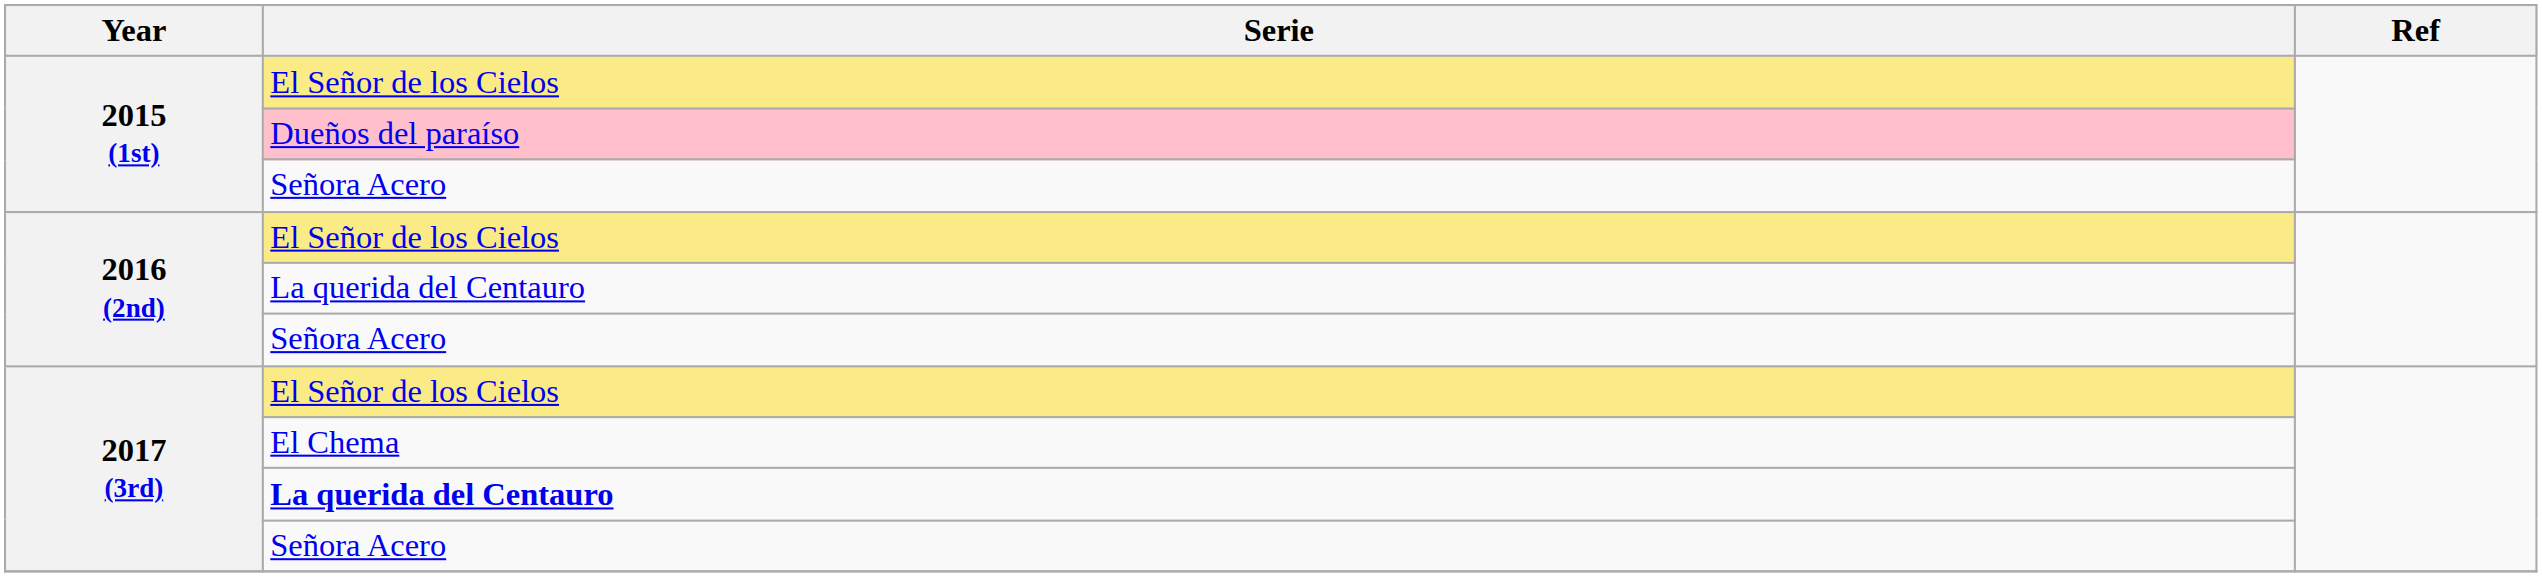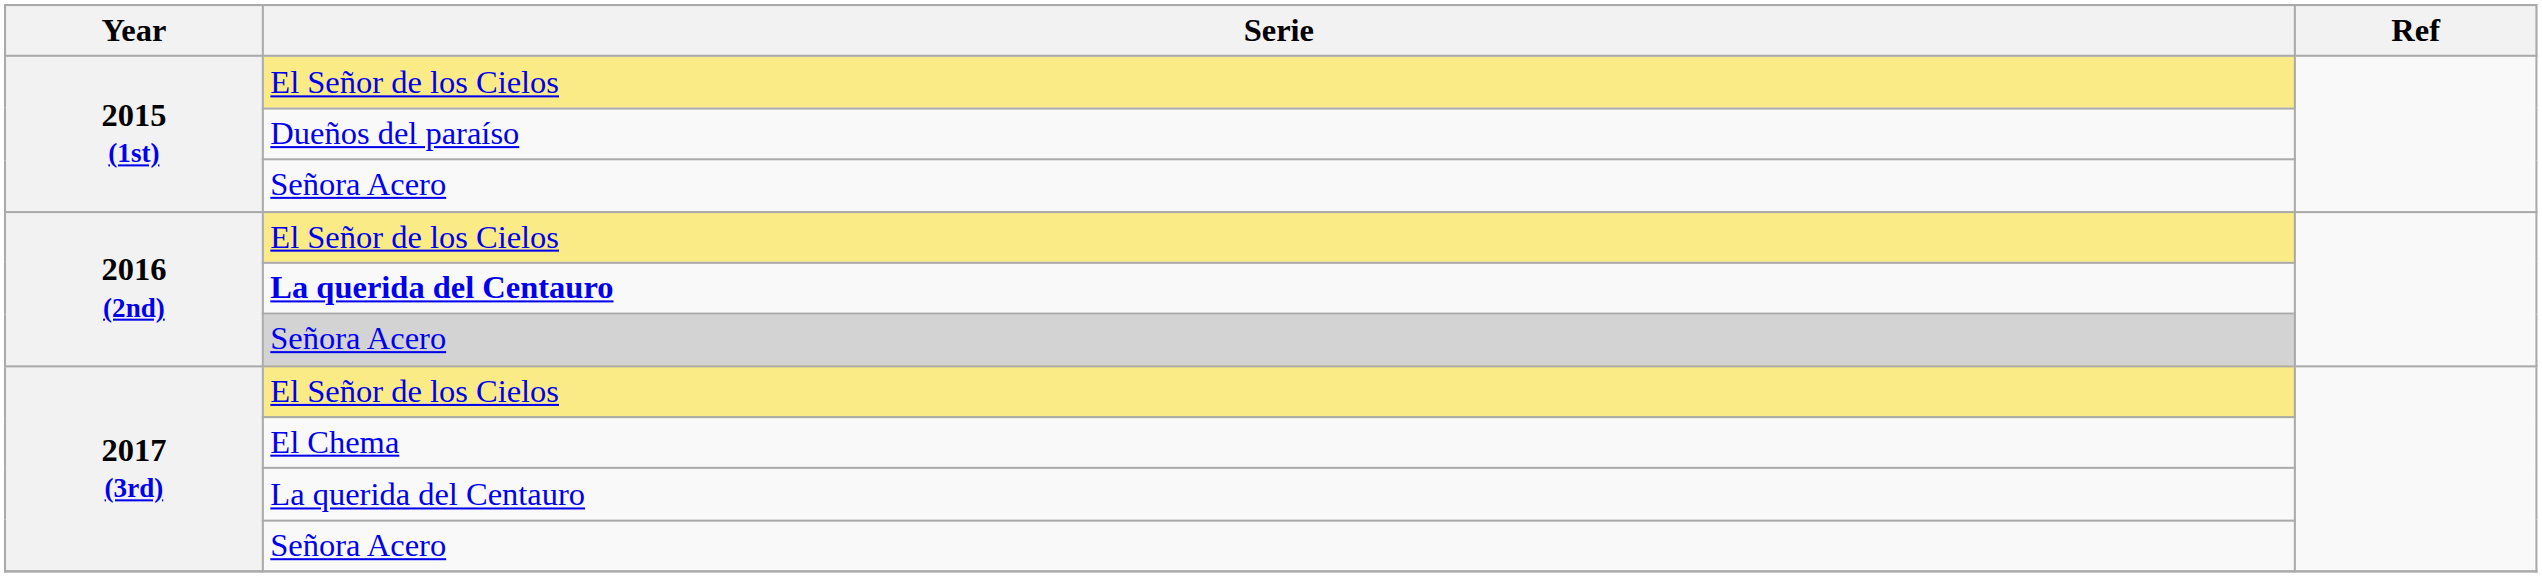 <table class="wikitable sortable">
 <tr style="background:#bebebe;">
 <th scope="col" style="width:1%;">Year</th>
 <th scope="col" style="width:10%;">Serie</th>
 <th scope="col" style="width:1%;" class="unsortable">Ref</th>
 </tr>
 <tr>
 <th scope="row"  rowspan=3 style="text-align:center">2015<br><small><a href='#'>(1st)</a></small></th>
 <td style="background:#FAEB86"><a href='#'>El Señor de los Cielos</a> </td>
 <td rowspan=3 style="text-align:center;"></td>
 </tr>
 <tr>
-<td style="background: pink;"><a href='#'>Dueños del paraíso</a></td>
+<td><a href='#'>Dueños del paraíso</a></td>
 </tr>
 <tr>
 <td><a href='#'>Señora Acero</a></td>
 </tr>
 <tr>
 <th scope="row"  rowspan=3 style="text-align:center">2016<br><small><a href='#'>(2nd)</a></small></th>
 <td style="background:#FAEB86"><a href='#'>El Señor de los Cielos</a> </td>
 <td rowspan=3></td>
 </tr>
 <tr>
-<td><a href='#'>La querida del Centauro</a></td>
+<td><strong><a href='#'>La querida del Centauro</a></strong></td>
 </tr>
 <tr>
-<td><a href='#'>Señora Acero</a></td>
+<td style="background: lightgrey;"><a href='#'>Señora Acero</a></td>
 </tr>
 <tr>
 <th scope="row"  rowspan=4 style="text-align:center">2017<br><small><a href='#'>(3rd)</a></small></th>
 <td style="background:#FAEB86"><a href='#'>El Señor de los Cielos</a> </td>
 <td rowspan=4></td>
 </tr>
 <tr>
 <td><a href='#'>El Chema</a></td>
 </tr>
 <tr>
-<td><strong><a href='#'>La querida del Centauro</a></strong></td>
+<td><a href='#'>La querida del Centauro</a></td>
 </tr>
 <tr>
 <td><a href='#'>Señora Acero</a></td>
 </tr>
 <tr>
 </tr>
 </table>
